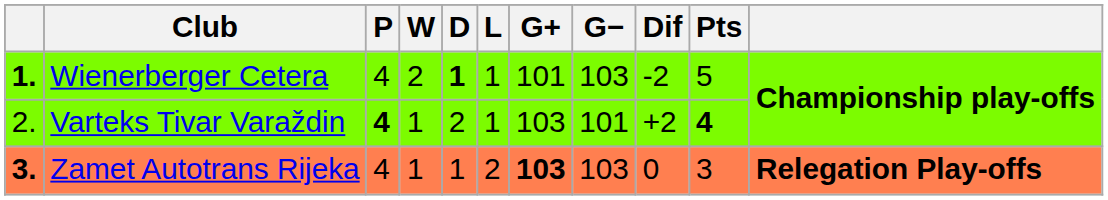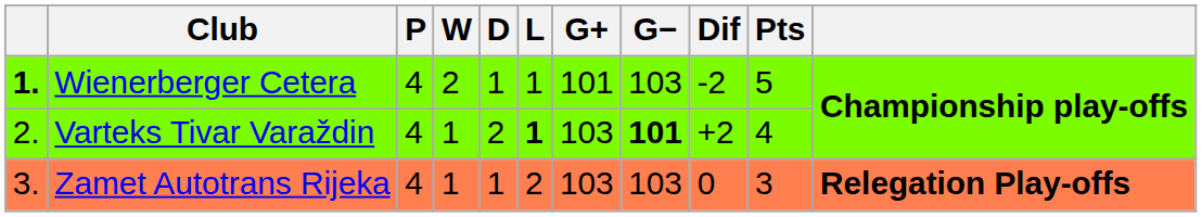 <table class="wikitable sortable">
 <tr>
 <th></th>
 <th>Club</th>
 <th>P</th>
 <th>W</th>
 <th>D</th>
 <th>L</th>
 <th>G+</th>
 <th>G−</th>
 <th>Dif</th>
 <th>Pts</th>
 <th></th>
 </tr>
 <tr bgcolor="lawngreen">
 <td><strong>1.</strong></td>
 <td><a href='#'>Wienerberger Cetera</a></td>
 <td>4</td>
 <td>2</td>
-<td><strong>1</strong></td>
+<td>1</td>
 <td>1</td>
 <td>101</td>
 <td>103</td>
 <td>-2</td>
 <td>5</td>
 <td rowspan="2"><strong>Championship play-offs</strong></td>
 </tr>
 <tr bgcolor="lawngreen">
 <td>2.</td>
 <td><a href='#'>Varteks Tivar Varaždin</a></td>
-<td><strong>4</strong></td>
+<td>4</td>
 <td>1</td>
 <td>2</td>
-<td>1</td>
+<td><strong>1</strong></td>
 <td>103</td>
-<td>101</td>
+<td><strong>101</strong></td>
 <td>+2</td>
-<td><strong>4</strong></td>
+<td>4</td>
 </tr>
 <tr bgcolor="coral">
-<td><strong>3.</strong></td>
+<td>3.</td>
 <td><a href='#'>Zamet Autotrans Rijeka</a></td>
 <td>4</td>
 <td>1</td>
 <td>1</td>
 <td>2</td>
-<td><strong>103</strong></td>
+<td>103</td>
 <td>103</td>
 <td>0</td>
 <td>3</td>
 <td><strong>Relegation Play-offs</strong></td>
 </tr>
 </table>
